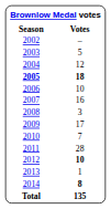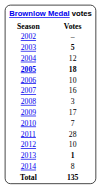 <table style="margin-right:4px; margin-top:8px; float:right; border:1px #000 solid; border-radius:8px; background:#fff; font-family:Verdana; font-size:8pt; text-align:center;">
 <tr style="background:#fff;">
 <td colspan="2;" style="padding:3px; margin-bottom:-3px; margin-top:2px; font-family:Arial; "><strong><a href='#'>Brownlow Medal</a> votes</strong></td>
 </tr>
 <tr>
 <th style="width:50%;">Season</th>
 <th style="width:50%;">Votes</th>
 </tr>
 <tr>
 <td><a href='#'>2002</a></td>
 <td>–</td>
 </tr>
 <tr>
 <td><a href='#'>2003</a></td>
-<td>5</td>
+<td><strong>5</strong></td>
 </tr>
 <tr>
 <td><a href='#'>2004</a></td>
 <td>12</td>
 </tr>
 <tr>
 <td><strong><a href='#'>2005</a></strong></td>
 <td><strong>18</strong></td>
 </tr>
 <tr>
 <td><a href='#'>2006</a></td>
 <td>10</td>
 </tr>
 <tr>
 <td><a href='#'>2007</a></td>
 <td>16</td>
 </tr>
 <tr>
 <td><a href='#'>2008</a></td>
 <td>3</td>
 </tr>
 <tr>
 <td><a href='#'>2009</a></td>
 <td>17</td>
 </tr>
 <tr>
 <td><a href='#'>2010</a></td>
 <td>7</td>
 </tr>
 <tr>
 <td><a href='#'>2011</a></td>
 <td>28</td>
 </tr>
 <tr>
 <td><a href='#'>2012</a></td>
-<td><strong>10</strong></td>
+<td>10</td>
 </tr>
 <tr>
 <td><a href='#'>2013</a></td>
-<td>1</td>
+<td><strong>1</strong></td>
 </tr>
 <tr>
 <td><a href='#'>2014</a></td>
-<td><strong>8</strong></td>
+<td>8</td>
 </tr>
 <tr>
 <td><strong>Total</strong></td>
 <td><strong>135</strong></td>
 </tr>
 </table>
